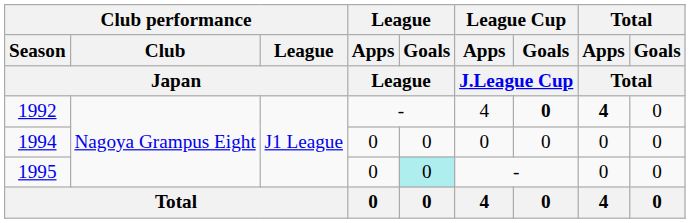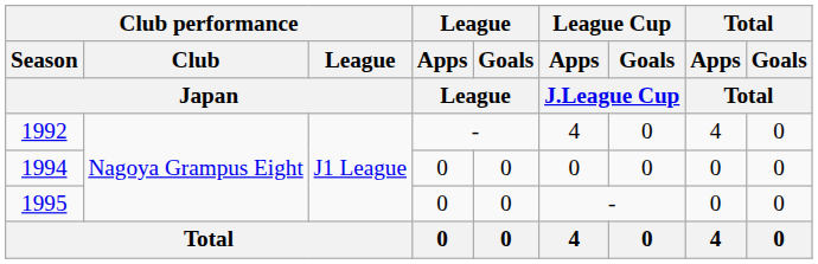 <table class="wikitable" style="text-align:center;">
 <tr>
 <th colspan=3>Club performance</th>
 <th colspan=2>League</th>
 <th colspan=2>League Cup</th>
 <th colspan=2>Total</th>
 </tr>
 <tr>
 <th>Season</th>
 <th>Club</th>
 <th>League</th>
 <th>Apps</th>
 <th>Goals</th>
 <th>Apps</th>
 <th>Goals</th>
 <th>Apps</th>
 <th>Goals</th>
 </tr>
 <tr>
 <th colspan=3>Japan</th>
 <th colspan=2>League</th>
 <th colspan=2><a href='#'>J.League Cup</a></th>
 <th colspan=2>Total</th>
 </tr>
 <tr>
 <td><a href='#'>1992</a></td>
 <td rowspan="3"><a href='#'>Nagoya Grampus Eight</a></td>
 <td rowspan="3"><a href='#'>J1 League</a></td>
 <td colspan="2">-</td>
 <td>4</td>
-<td><strong>0</strong></td>
-<td><strong>4</strong></td>
+<td>0</td>
+<td>4</td>
 <td>0</td>
 </tr>
 <tr>
 <td><a href='#'>1994</a></td>
 <td>0</td>
 <td>0</td>
 <td>0</td>
 <td>0</td>
 <td>0</td>
 <td>0</td>
 </tr>
 <tr>
 <td><a href='#'>1995</a></td>
 <td>0</td>
-<td style="background: paleturquoise;">0</td>
+<td>0</td>
 <td colspan="2">-</td>
 <td>0</td>
 <td>0</td>
 </tr>
 <tr>
 <th colspan=3>Total</th>
 <th>0</th>
 <th>0</th>
 <th>4</th>
 <th>0</th>
 <th>4</th>
 <th>0</th>
 </tr>
 </table>
